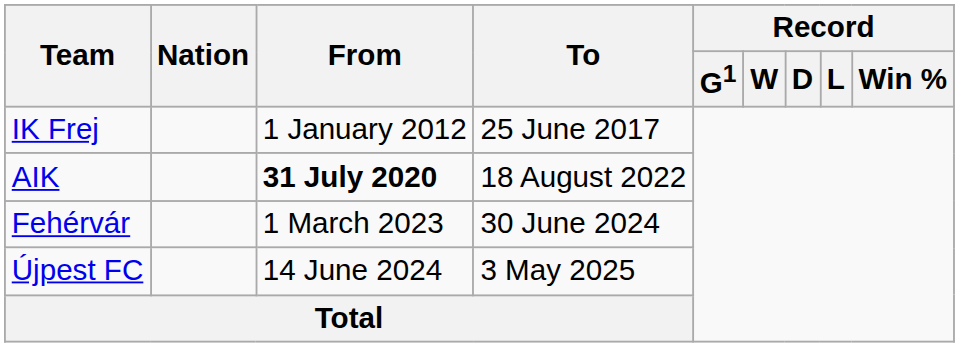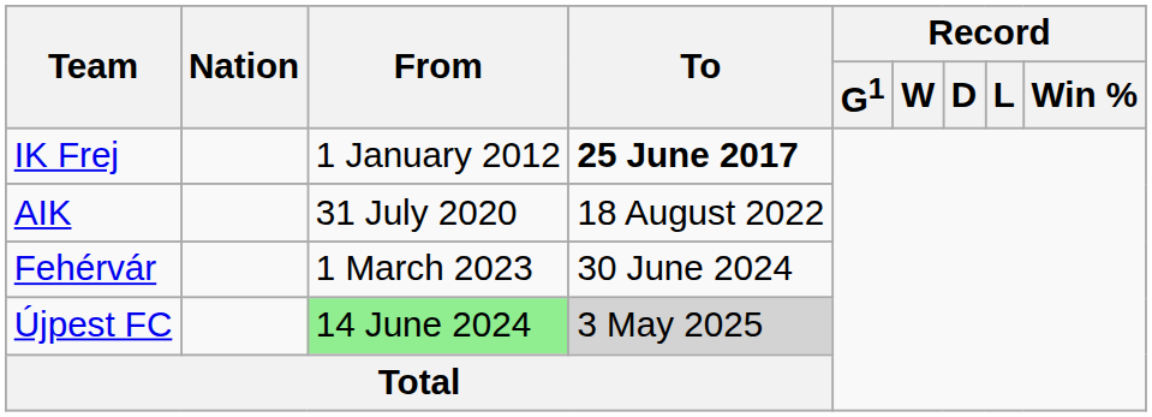 <table class="wikitable" style="text-align: center">
 <tr>
 <th rowspan="2">Team</th>
 <th rowspan="2">Nation</th>
 <th rowspan="2">From</th>
 <th rowspan="2">To</th>
 <th colspan="5">Record</th>
 </tr>
 <tr>
 <th>G<sup>1</sup></th>
 <th>W</th>
 <th>D</th>
 <th>L</th>
 <th>Win %</th>
 </tr>
 <tr>
 <td align="left"><a href='#'>IK Frej</a></td>
 <td></td>
 <td align="left">1 January 2012</td>
-<td align="left">25 June 2017<br></td>
+<td align="left"><strong>25 June 2017<br></strong></td>
 </tr>
 <tr>
 <td align="left"><a href='#'>AIK</a></td>
 <td></td>
-<td align="left"><strong>31 July 2020</strong></td>
+<td align="left">31 July 2020</td>
 <td align="left">18 August 2022<br></td>
 </tr>
 <tr>
 <td align="left"><a href='#'>Fehérvár</a></td>
 <td></td>
 <td align="left">1 March 2023</td>
 <td align="left">30 June 2024<br></td>
 </tr>
 <tr>
 <td align="left"><a href='#'>Újpest FC</a></td>
 <td></td>
-<td align="left">14 June 2024</td>
-<td align="left">3 May 2025<br></td>
+<td align="left" style="background: lightgreen;">14 June 2024</td>
+<td align="left" style="background: lightgrey;">3 May 2025<br></td>
 </tr>
 <tr>
 <th colspan="4">Total<br></th>
 </tr>
 </table>
